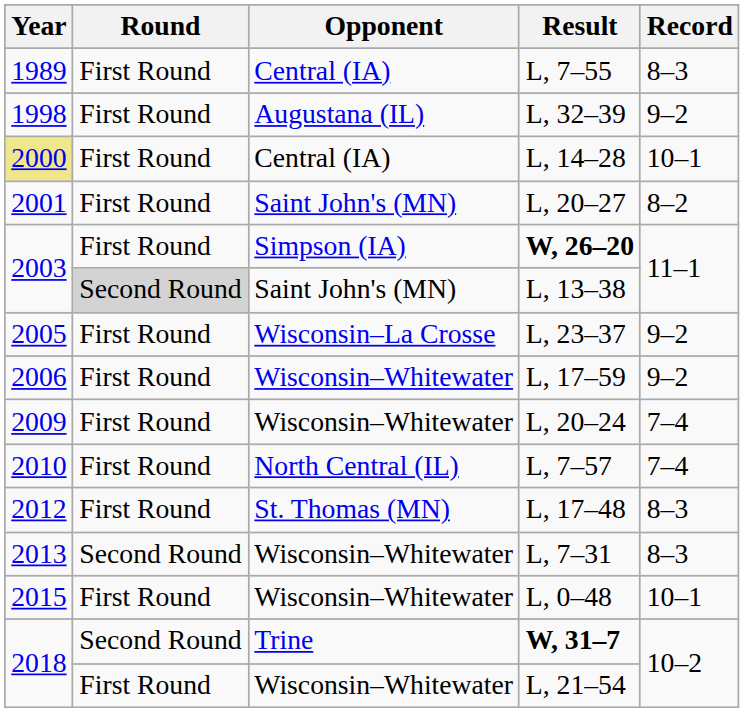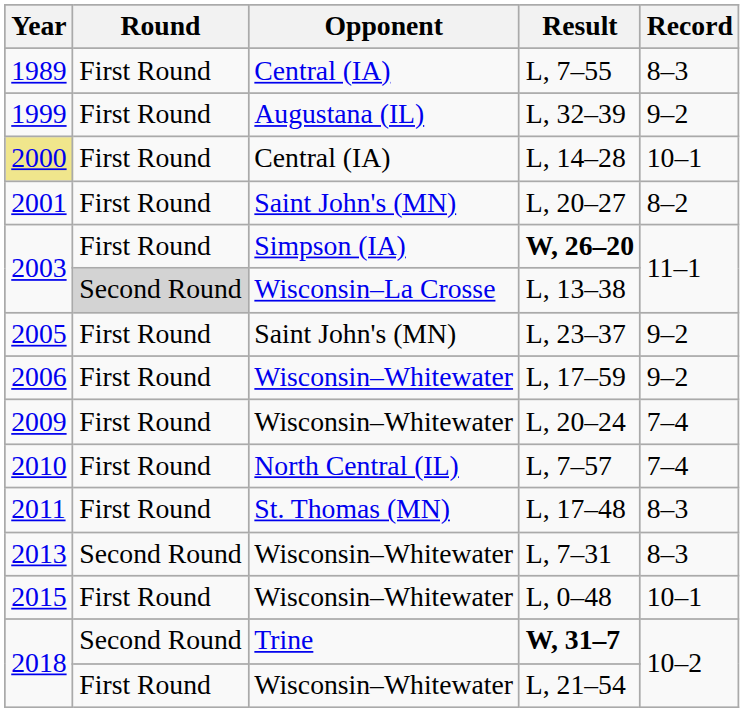 <table class="wikitable">
 <tr>
 <th>Year</th>
 <th>Round</th>
 <th>Opponent</th>
 <th>Result</th>
 <th>Record</th>
 </tr>
 <tr>
 <td><a href='#'>1989</a></td>
 <td>First Round</td>
 <td><a href='#'>Central (IA)</a></td>
 <td>L, 7–55</td>
 <td>8–3</td>
 </tr>
 <tr>
-<td><a href='#'>1998</a></td>
+<td><a href='#'>1999</a></td>
 <td>First Round</td>
 <td><a href='#'>Augustana (IL)</a></td>
 <td>L, 32–39</td>
 <td>9–2</td>
 </tr>
 <tr>
 <td style="background: khaki;"><a href='#'>2000</a></td>
 <td>First Round</td>
 <td>Central (IA)</td>
 <td>L, 14–28</td>
 <td>10–1</td>
 </tr>
 <tr>
 <td><a href='#'>2001</a></td>
 <td>First Round</td>
 <td><a href='#'>Saint John's (MN)</a></td>
 <td>L, 20–27</td>
 <td>8–2</td>
 </tr>
 <tr>
 <td rowspan="2"><a href='#'>2003</a></td>
 <td>First Round</td>
 <td><a href='#'>Simpson (IA)</a></td>
 <td><strong>W, 26–20 </strong></td>
 <td rowspan="2">11–1</td>
 </tr>
 <tr>
 <td style="background: lightgrey;">Second Round</td>
-<td>Saint John's (MN)</td>
+<td><a href='#'>Wisconsin–La Crosse</a></td>
 <td>L, 13–38</td>
 </tr>
 <tr>
 <td><a href='#'>2005</a></td>
 <td>First Round</td>
-<td><a href='#'>Wisconsin–La Crosse</a></td>
+<td>Saint John's (MN)</td>
 <td>L, 23–37</td>
 <td>9–2</td>
 </tr>
 <tr>
 <td><a href='#'>2006</a></td>
 <td>First Round</td>
 <td><a href='#'>Wisconsin–Whitewater</a></td>
 <td>L, 17–59</td>
 <td>9–2</td>
 </tr>
 <tr>
 <td><a href='#'>2009</a></td>
 <td>First Round</td>
 <td>Wisconsin–Whitewater</td>
 <td>L, 20–24</td>
 <td>7–4</td>
 </tr>
 <tr>
 <td><a href='#'>2010</a></td>
 <td>First Round</td>
 <td><a href='#'>North Central (IL)</a></td>
 <td>L, 7–57</td>
 <td>7–4</td>
 </tr>
 <tr>
-<td><a href='#'>2012</a></td>
+<td><a href='#'>2011</a></td>
 <td>First Round</td>
 <td><a href='#'>St. Thomas (MN)</a></td>
 <td>L, 17–48</td>
 <td>8–3</td>
 </tr>
 <tr>
 <td><a href='#'>2013</a></td>
 <td>Second Round</td>
 <td>Wisconsin–Whitewater</td>
 <td>L, 7–31</td>
 <td>8–3</td>
 </tr>
 <tr>
 <td><a href='#'>2015</a></td>
 <td>First Round</td>
 <td>Wisconsin–Whitewater</td>
 <td>L, 0–48</td>
 <td>10–1</td>
 </tr>
 <tr>
 <td rowspan="2"><a href='#'>2018</a></td>
 <td>Second Round</td>
 <td><a href='#'>Trine</a></td>
 <td><strong>W, 31–7</strong></td>
 <td rowspan="2">10–2</td>
 </tr>
 <tr>
 <td>First Round</td>
 <td>Wisconsin–Whitewater</td>
 <td>L, 21–54</td>
 </tr>
 </table>
